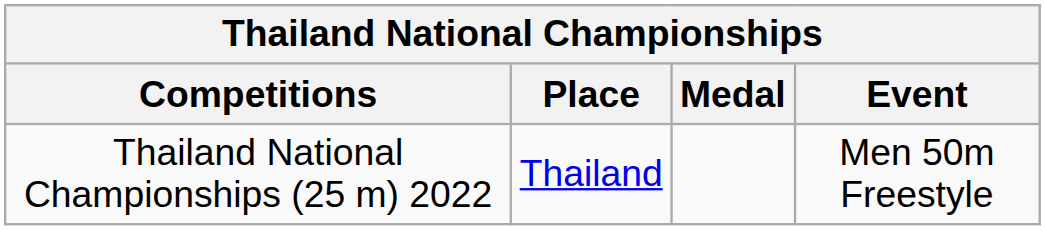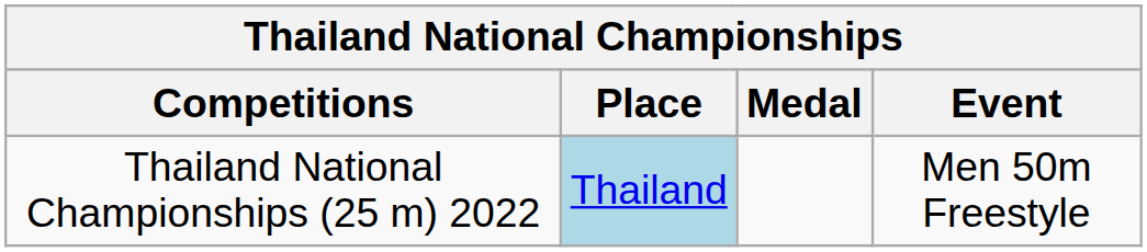 <table class="wikitable center col2izq" style="text-align:center;width:445px;">
 <tr>
 <th colspan="4">Thailand National Championships</th>
 </tr>
 <tr>
 <th>Competitions</th>
 <th>Place</th>
 <th>Medal</th>
 <th>Event</th>
 </tr>
 <tr>
 <td>Thailand National Championships (25 m) 2022</td>
-<td> <a href='#'>Thailand</a></td>
+<td style="background: lightblue;"> <a href='#'>Thailand</a></td>
 <td></td>
 <td>Men 50m Freestyle</td>
 </tr>
 </table>
